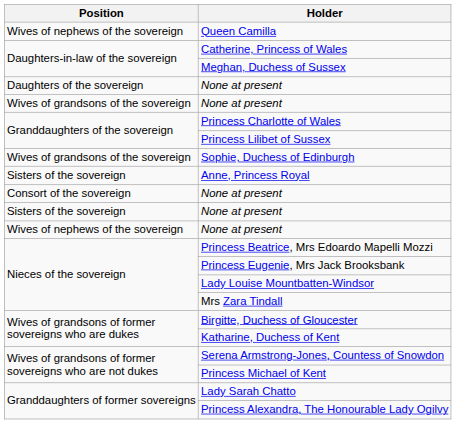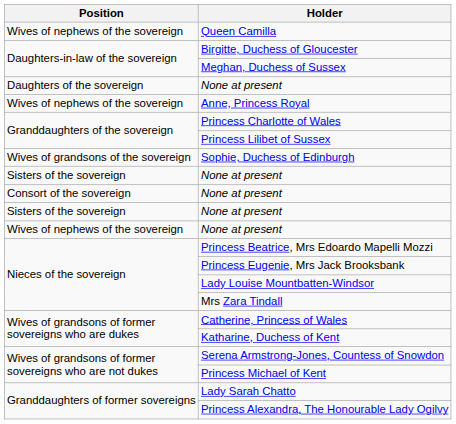 <table class="wikitable">
 <tr>
 <th>Position</th>
 <th>Holder</th>
 </tr>
 <tr>
 <td>Wives of nephews of the sovereign</td>
 <td> <a href='#'>Queen Camilla</a></td>
 </tr>
 <tr>
 <td rowspan=2>Daughters-in-law of the sovereign</td>
-<td> <a href='#'>Catherine, Princess of Wales</a></td>
+<td> <a href='#'>Birgitte, Duchess of Gloucester</a></td>
 </tr>
 <tr>
 <td> <a href='#'>Meghan, Duchess of Sussex</a></td>
 </tr>
 <tr>
 <td>Daughters of the sovereign</td>
 <td><em>None at present</em></td>
 </tr>
 <tr>
-<td>Wives of grandsons of the sovereign</td>
-<td><em>None at present</em></td>
+<td>Wives of nephews of the sovereign</td>
+<td> <a href='#'>Anne, Princess Royal</a></td>
 </tr>
 <tr>
 <td rowspan=2>Granddaughters of the sovereign</td>
 <td> <a href='#'>Princess Charlotte of Wales</a></td>
 </tr>
 <tr>
 <td> <a href='#'>Princess Lilibet of Sussex</a></td>
 </tr>
 <tr>
 <td>Wives of grandsons of the sovereign</td>
 <td> <a href='#'>Sophie, Duchess of Edinburgh</a></td>
 </tr>
 <tr>
 <td>Sisters of the sovereign</td>
-<td> <a href='#'>Anne, Princess Royal</a></td>
+<td><em>None at present</em></td>
 </tr>
 <tr>
 <td>Consort of the sovereign</td>
 <td><em>None at present</em></td>
 </tr>
 <tr>
 <td>Sisters of the sovereign</td>
 <td><em>None at present</em></td>
 </tr>
 <tr>
 <td>Wives of nephews of the sovereign</td>
 <td><em>None at present</em></td>
 </tr>
 <tr>
 <td rowspan=4>Nieces of the sovereign</td>
 <td> <a href='#'>Princess Beatrice</a>, Mrs Edoardo Mapelli Mozzi</td>
 </tr>
 <tr>
 <td> <a href='#'>Princess Eugenie</a>, Mrs Jack Brooksbank</td>
 </tr>
 <tr>
 <td> <a href='#'>Lady Louise Mountbatten-Windsor</a></td>
 </tr>
 <tr>
 <td>Mrs <a href='#'>Zara Tindall</a></td>
 </tr>
 <tr>
 <td rowspan=2>Wives of grandsons of former<br>sovereigns who are dukes</td>
-<td> <a href='#'>Birgitte, Duchess of Gloucester</a></td>
+<td> <a href='#'>Catherine, Princess of Wales</a></td>
 </tr>
 <tr>
 <td> <a href='#'>Katharine, Duchess of Kent</a></td>
 </tr>
 <tr>
 <td rowspan=2>Wives of grandsons of former<br>sovereigns who are not dukes</td>
 <td><a href='#'>Serena Armstrong-Jones, Countess of Snowdon</a></td>
 </tr>
 <tr>
 <td> <a href='#'>Princess Michael of Kent</a></td>
 </tr>
 <tr>
 <td rowspan=2>Granddaughters of former sovereigns</td>
 <td><a href='#'>Lady Sarah Chatto</a></td>
 </tr>
 <tr>
 <td> <a href='#'>Princess Alexandra, The Honourable Lady Ogilvy</a></td>
 </tr>
 </table>
